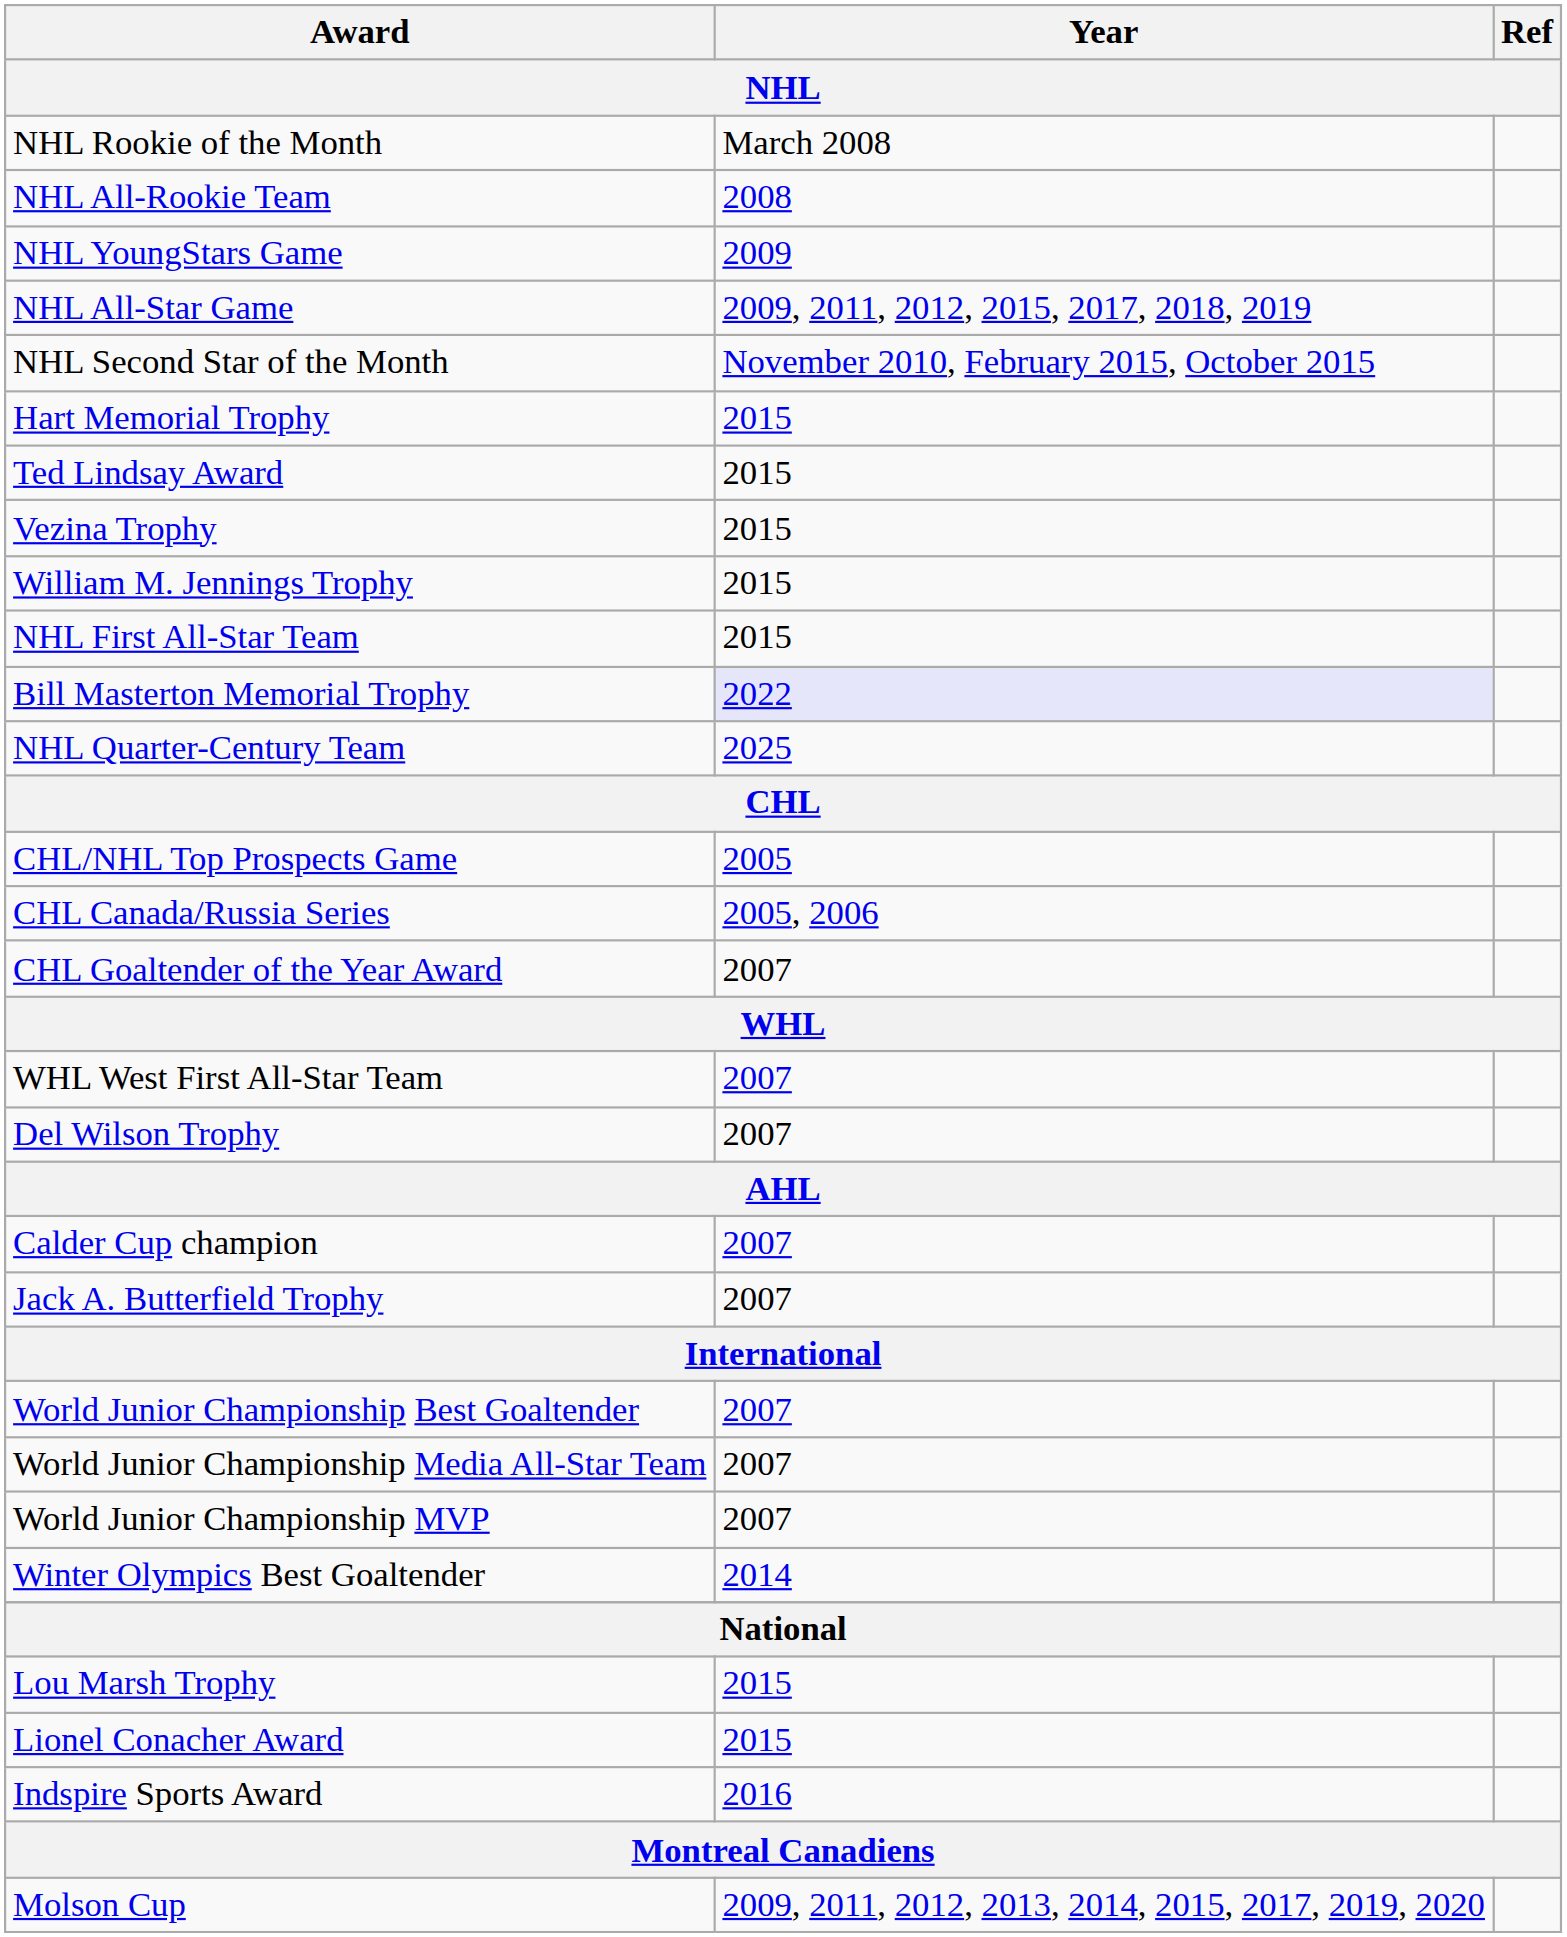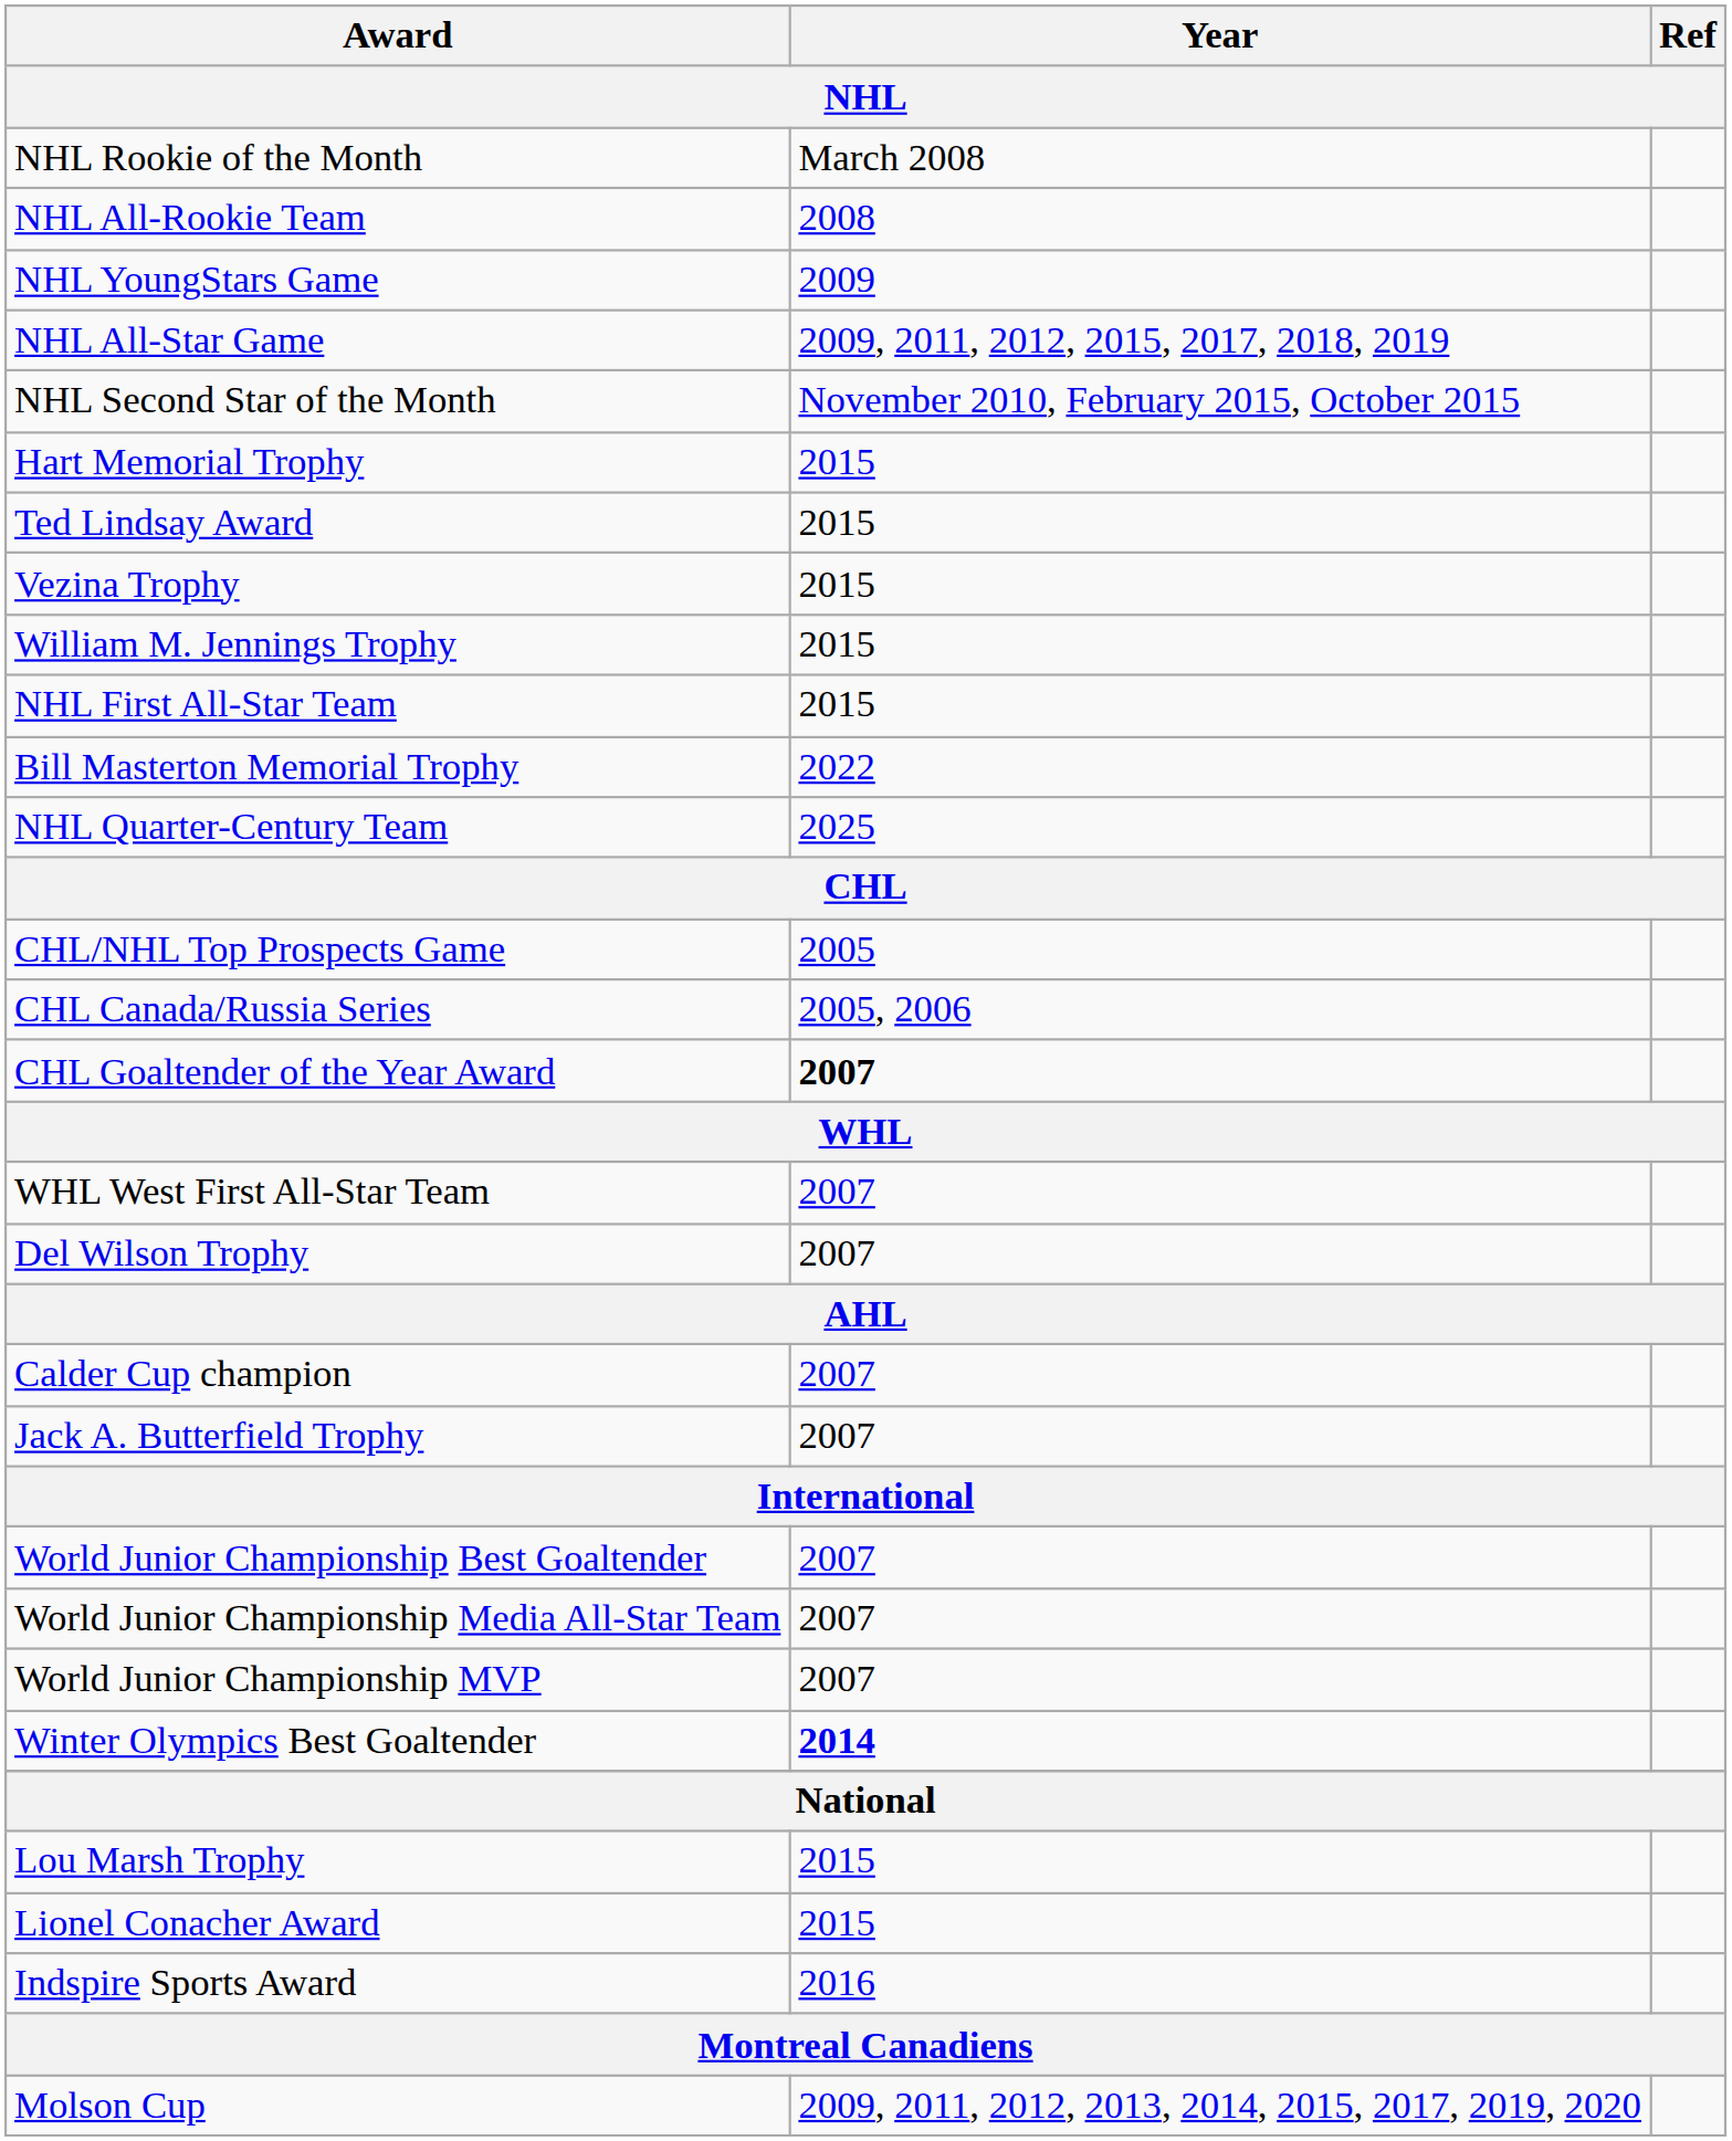 <table class="wikitable">
 <tr>
 <th>Award</th>
 <th>Year</th>
 <th>Ref</th>
 </tr>
 <tr>
 <th colspan="3"><a href='#'>NHL</a></th>
 </tr>
 <tr>
 <td>NHL Rookie of the Month</td>
 <td>March 2008</td>
 <td></td>
 </tr>
 <tr>
 <td><a href='#'>NHL All-Rookie Team</a></td>
 <td><a href='#'>2008</a></td>
 <td></td>
 </tr>
 <tr>
 <td><a href='#'>NHL YoungStars Game</a></td>
 <td><a href='#'>2009</a></td>
 <td></td>
 </tr>
 <tr>
 <td><a href='#'>NHL All-Star Game</a></td>
 <td><a href='#'>2009</a>, <a href='#'>2011</a>, <a href='#'>2012</a>, <a href='#'>2015</a>, <a href='#'>2017</a>, <a href='#'>2018</a>, <a href='#'>2019</a></td>
 <td></td>
 </tr>
 <tr>
 <td>NHL Second Star of the Month</td>
 <td><a href='#'>November 2010</a>, <a href='#'>February 2015</a>, <a href='#'>October 2015</a></td>
 <td></td>
 </tr>
 <tr>
 <td><a href='#'>Hart Memorial Trophy</a></td>
 <td><a href='#'>2015</a></td>
 <td></td>
 </tr>
 <tr>
 <td><a href='#'>Ted Lindsay Award</a></td>
 <td>2015</td>
 <td></td>
 </tr>
 <tr>
 <td><a href='#'>Vezina Trophy</a></td>
 <td>2015</td>
 <td></td>
 </tr>
 <tr>
 <td><a href='#'>William M. Jennings Trophy</a></td>
 <td>2015</td>
 <td></td>
 </tr>
 <tr>
 <td><a href='#'>NHL First All-Star Team</a></td>
 <td>2015</td>
 <td></td>
 </tr>
 <tr>
 <td><a href='#'>Bill Masterton Memorial Trophy</a></td>
-<td style="background: lavender;"><a href='#'>2022</a></td>
+<td><a href='#'>2022</a></td>
 <td></td>
 </tr>
 <tr>
 <td><a href='#'>NHL Quarter-Century Team</a></td>
 <td><a href='#'>2025</a></td>
 <td></td>
 </tr>
 <tr>
 <th colspan="3"><a href='#'>CHL</a></th>
 </tr>
 <tr>
 <td><a href='#'>CHL/NHL Top Prospects Game</a></td>
 <td><a href='#'>2005</a></td>
 <td></td>
 </tr>
 <tr>
 <td><a href='#'>CHL Canada/Russia Series</a></td>
 <td><a href='#'>2005</a>, <a href='#'>2006</a></td>
 <td></td>
 </tr>
 <tr>
 <td><a href='#'>CHL Goaltender of the Year Award</a></td>
-<td>2007</td>
+<td><strong>2007</strong></td>
 <td></td>
 </tr>
 <tr>
 <th colspan="3"><a href='#'>WHL</a></th>
 </tr>
 <tr>
 <td>WHL West First All-Star Team</td>
 <td><a href='#'>2007</a></td>
 <td></td>
 </tr>
 <tr>
 <td><a href='#'>Del Wilson Trophy</a></td>
 <td>2007</td>
 <td></td>
 </tr>
 <tr>
 <th colspan="3"><a href='#'>AHL</a></th>
 </tr>
 <tr>
 <td><a href='#'>Calder Cup</a> champion</td>
 <td><a href='#'>2007</a></td>
 <td></td>
 </tr>
 <tr>
 <td><a href='#'>Jack A. Butterfield Trophy</a></td>
 <td>2007</td>
 <td></td>
 </tr>
 <tr>
 <th colspan="3"><a href='#'>International</a></th>
 </tr>
 <tr>
 <td><a href='#'>World Junior Championship</a> <a href='#'>Best Goaltender</a></td>
 <td><a href='#'>2007</a></td>
 <td></td>
 </tr>
 <tr>
 <td>World Junior Championship <a href='#'>Media All-Star Team</a></td>
 <td>2007</td>
 <td></td>
 </tr>
 <tr>
 <td>World Junior Championship <a href='#'>MVP</a></td>
 <td>2007</td>
 <td></td>
 </tr>
 <tr>
 <td><a href='#'>Winter Olympics</a> Best Goaltender</td>
-<td><a href='#'>2014</a></td>
+<td><strong><a href='#'>2014</a></strong></td>
 <td></td>
 </tr>
 <tr>
 </tr>
 <tr ALIGN="center" bgcolor="#e0e0e0">
 <th colspan="3">National</th>
 </tr>
 <tr>
 <td><a href='#'>Lou Marsh Trophy</a></td>
 <td><a href='#'>2015</a></td>
 <td></td>
 </tr>
 <tr>
 <td><a href='#'>Lionel Conacher Award</a></td>
 <td><a href='#'>2015</a></td>
 <td></td>
 </tr>
 <tr>
 <td><a href='#'>Indspire</a> Sports Award</td>
 <td><a href='#'>2016</a></td>
 <td></td>
 </tr>
 <tr>
 <th colspan="3"><a href='#'>Montreal Canadiens</a></th>
 </tr>
 <tr>
 <td><a href='#'>Molson Cup</a></td>
 <td><a href='#'>2009</a>, <a href='#'>2011</a>, <a href='#'>2012</a>, <a href='#'>2013</a>, <a href='#'>2014</a>, <a href='#'>2015</a>, <a href='#'>2017</a>, <a href='#'>2019</a>, <a href='#'>2020</a></td>
 <td></td>
 </tr>
 </table>
